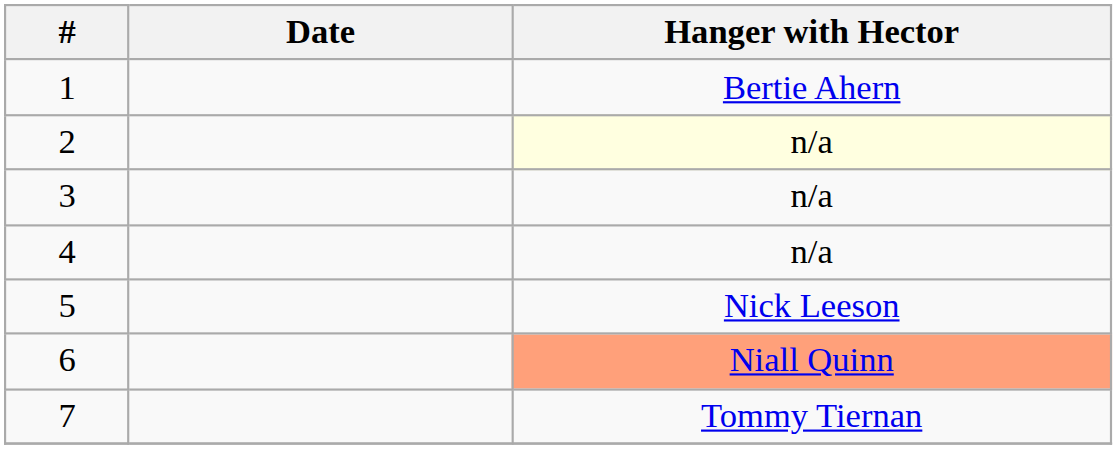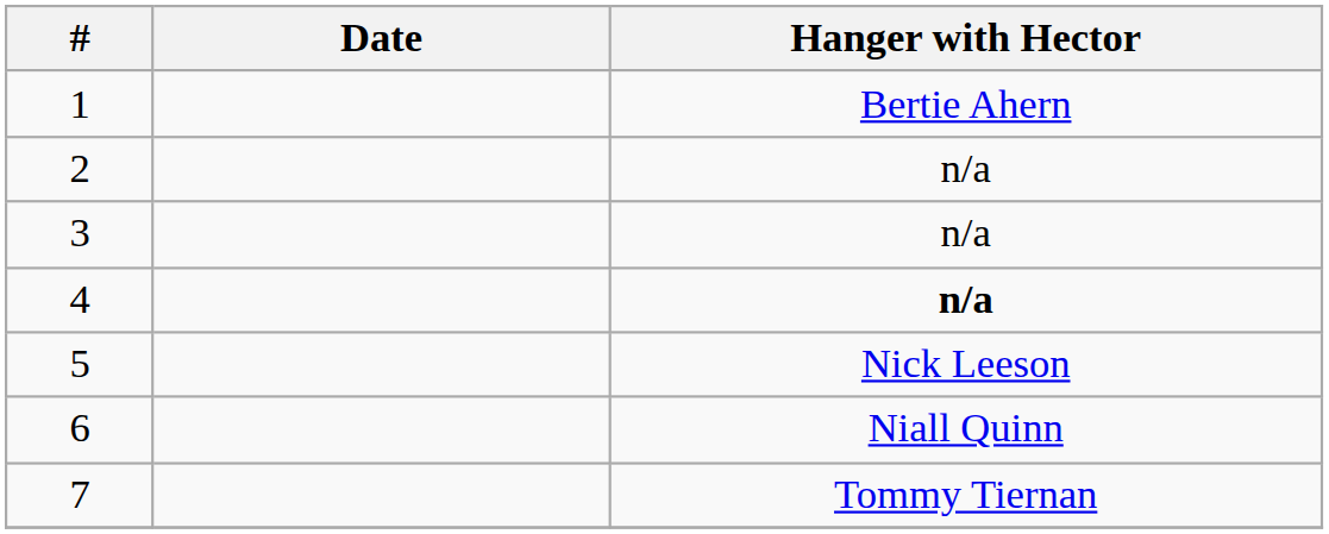 <table class="wikitable">
 <tr>
 <th width="50" rowspan="1">#</th>
 <th width="170" rowspan="1">Date</th>
 <th width="270" rowspan="1">Hanger with Hector</th>
 </tr>
 <tr>
 <td align="center">1</td>
 <td align="center"></td>
 <td align="center"><a href='#'>Bertie Ahern</a></td>
 </tr>
 <tr>
 <td align="center">2</td>
 <td align="center"></td>
-<td align="center" style="background: lightyellow;">n/a</td>
+<td align="center">n/a</td>
 </tr>
 <tr>
 <td align="center">3</td>
 <td align="center"></td>
 <td align="center">n/a</td>
 </tr>
 <tr>
 <td align="center">4</td>
 <td align="center"></td>
-<td align="center">n/a</td>
+<td align="center"><strong>n/a</strong></td>
 </tr>
 <tr>
 <td align="center">5</td>
 <td align="center"></td>
 <td align="center"><a href='#'>Nick Leeson</a></td>
 </tr>
 <tr>
 <td align="center">6</td>
 <td align="center"></td>
-<td align="center" style="background: lightsalmon;"><a href='#'>Niall Quinn</a></td>
+<td align="center"><a href='#'>Niall Quinn</a></td>
 </tr>
 <tr>
 <td align="center">7</td>
 <td align="center"></td>
 <td align="center"><a href='#'>Tommy Tiernan</a></td>
 </tr>
 <tr>
 </tr>
 </table>
